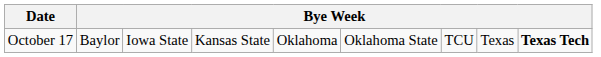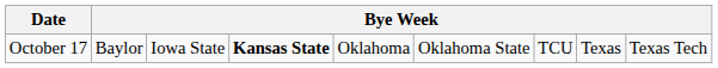 <table class="wikitable" style="font-size:95%">
 <tr>
 <th>Date</th>
 <th colspan="8">Bye Week</th>
 </tr>
 <tr>
 <td>October 17</td>
 <td>Baylor</td>
 <td>Iowa State</td>
-<td>Kansas State</td>
+<td><strong>Kansas State</strong></td>
 <td>Oklahoma</td>
 <td>Oklahoma State</td>
 <td>TCU</td>
 <td>Texas</td>
-<td><strong>Texas Tech</strong></td>
+<td>Texas Tech</td>
 </tr>
 </table>
